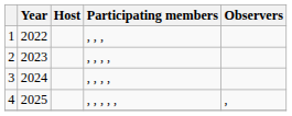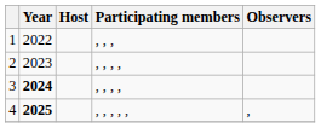 <table class=wikitable>
 <tr>
 <th></th>
 <th>Year</th>
 <th>Host</th>
 <th>Participating members</th>
 <th>Observers</th>
 </tr>
 <tr>
 <td>1</td>
 <td>2022</td>
 <td></td>
 <td>, , , </td>
 <td></td>
 </tr>
 <tr>
 <td>2</td>
 <td>2023</td>
 <td></td>
 <td>, , , , </td>
 <td></td>
 </tr>
 <tr>
 <td>3</td>
-<td>2024</td>
+<td><strong>2024</strong></td>
 <td></td>
 <td>, , , , </td>
 <td></td>
 </tr>
 <tr>
 <td>4</td>
-<td>2025</td>
+<td><strong>2025</strong></td>
 <td></td>
 <td>, , , , , </td>
 <td>, </td>
 </tr>
 <tr>
 </tr>
 </table>
